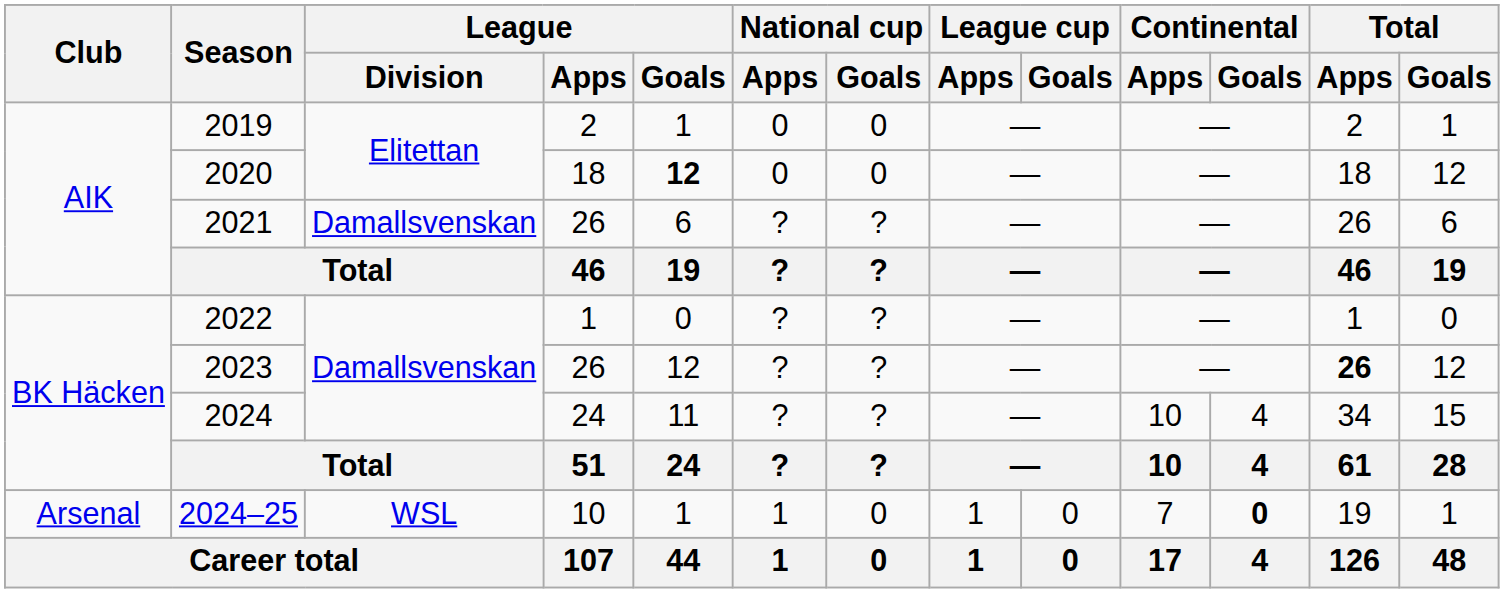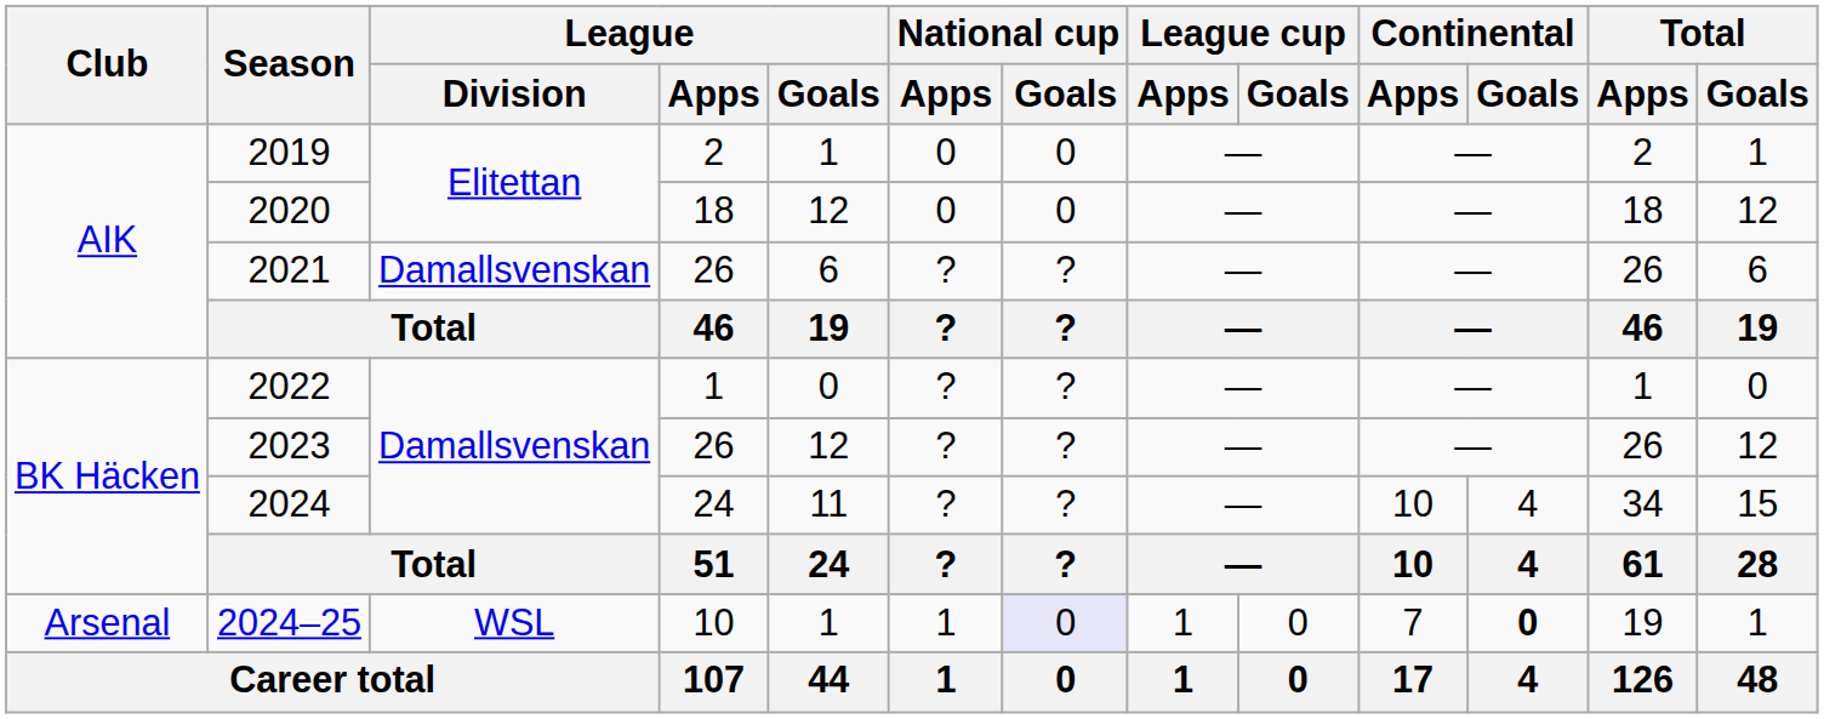 <table class="wikitable" style="text-align: center;">
 <tr>
 <th rowspan="2">Club</th>
 <th rowspan="2">Season</th>
 <th colspan="3">League</th>
 <th colspan="2">National cup</th>
 <th colspan="2">League cup</th>
 <th colspan="2">Continental</th>
 <th colspan="2">Total</th>
 </tr>
 <tr>
 <th>Division</th>
 <th>Apps</th>
 <th>Goals</th>
 <th>Apps</th>
 <th>Goals</th>
 <th>Apps</th>
 <th>Goals</th>
 <th>Apps</th>
 <th>Goals</th>
 <th>Apps</th>
 <th>Goals</th>
 </tr>
 <tr>
 <td rowspan="4"><a href='#'>AIK</a></td>
 <td>2019</td>
 <td rowspan="2"><a href='#'>Elitettan</a></td>
 <td>2</td>
 <td>1</td>
 <td>0</td>
 <td>0</td>
 <td colspan="2">—</td>
 <td colspan="2">—</td>
 <td>2</td>
 <td>1</td>
 </tr>
 <tr>
 <td>2020</td>
 <td>18</td>
-<td><strong>12</strong></td>
+<td>12</td>
 <td>0</td>
 <td>0</td>
 <td colspan="2">—</td>
 <td colspan="2">—</td>
 <td>18</td>
 <td>12</td>
 </tr>
 <tr>
 <td>2021</td>
 <td><a href='#'>Damallsvenskan</a></td>
 <td>26</td>
 <td>6</td>
 <td>?</td>
 <td>?</td>
 <td colspan="2">—</td>
 <td colspan="2">—</td>
 <td>26</td>
 <td>6</td>
 </tr>
 <tr>
 <th colspan="2">Total</th>
 <th>46</th>
 <th>19</th>
 <th>?</th>
 <th>?</th>
 <th colspan="2">—</th>
 <th colspan="2">—</th>
 <th>46</th>
 <th>19</th>
 </tr>
 <tr>
 <td rowspan="4"><a href='#'>BK Häcken</a></td>
 <td>2022</td>
 <td rowspan="3"><a href='#'>Damallsvenskan</a></td>
 <td>1</td>
 <td>0</td>
 <td>?</td>
 <td>?</td>
 <td colspan="2">—</td>
 <td colspan="2">—</td>
 <td>1</td>
 <td>0</td>
 </tr>
 <tr>
 <td>2023</td>
 <td>26</td>
 <td>12</td>
 <td>?</td>
 <td>?</td>
 <td colspan="2">—</td>
 <td colspan="2">—</td>
-<td><strong>26</strong></td>
+<td>26</td>
 <td>12</td>
 </tr>
 <tr>
 <td>2024</td>
 <td>24</td>
 <td>11</td>
 <td>?</td>
 <td>?</td>
 <td colspan="2">—</td>
 <td>10</td>
 <td>4</td>
 <td>34</td>
 <td>15</td>
 </tr>
 <tr>
 <th colspan="2">Total</th>
 <th>51</th>
 <th>24</th>
 <th>?</th>
 <th>?</th>
 <th colspan="2">—</th>
 <th>10</th>
 <th>4</th>
 <th>61</th>
 <th>28</th>
 </tr>
 <tr>
 <td><a href='#'>Arsenal</a></td>
 <td><a href='#'>2024–25</a></td>
 <td><a href='#'>WSL</a></td>
 <td>10</td>
 <td>1</td>
 <td>1</td>
-<td>0</td>
+<td style="background: lavender;">0</td>
 <td>1</td>
 <td>0</td>
 <td>7</td>
 <td><strong>0</strong></td>
 <td>19</td>
 <td>1</td>
 </tr>
 <tr>
 <th colspan="3">Career total</th>
 <th>107</th>
 <th>44</th>
 <th>1</th>
 <th>0</th>
 <th>1</th>
 <th>0</th>
 <th>17</th>
 <th>4</th>
 <th>126</th>
 <th>48</th>
 </tr>
 </table>
